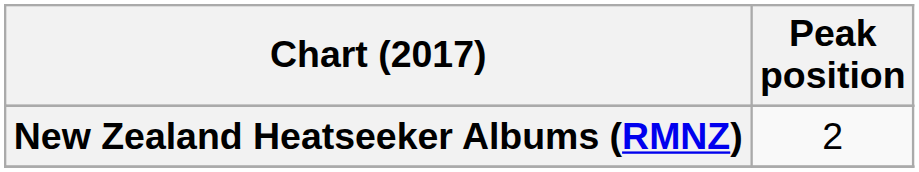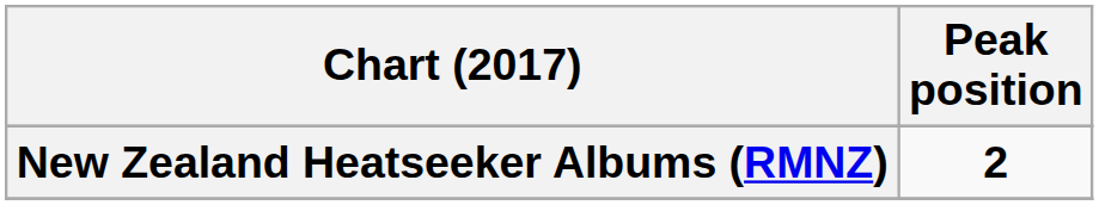 <table class="wikitable sortable plainrowheaders" style="text-align:center">
 <tr>
 <th scope="col">Chart (2017)</th>
 <th scope="col">Peak<br> position</th>
 </tr>
 <tr>
 </tr>
 <tr>
 <th scope="row">New Zealand Heatseeker Albums (<a href='#'>RMNZ</a>)</th>
-<td>2</td>
+<td><strong>2</strong></td>
 </tr>
 <tr>
 </tr>
 <tr>
 </tr>
 <tr>
 </tr>
 </table>
